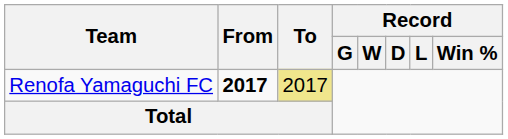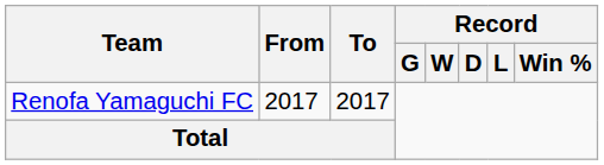 <table class="wikitable" style="text-align: center">
 <tr>
 <th rowspan="2">Team</th>
 <th rowspan="2">From</th>
 <th rowspan="2">To</th>
 <th colspan="5">Record</th>
 </tr>
 <tr>
 <th>G</th>
 <th>W</th>
 <th>D</th>
 <th>L</th>
 <th>Win %</th>
 </tr>
 <tr>
 <td align="left"><a href='#'>Renofa Yamaguchi FC</a></td>
-<td align="left"><strong>2017</strong></td>
-<td align="left" style="background: khaki;">2017<br></td>
+<td align="left">2017</td>
+<td align="left">2017<br></td>
 </tr>
 <tr>
 <th colspan="3">Total<br></th>
 </tr>
 </table>
